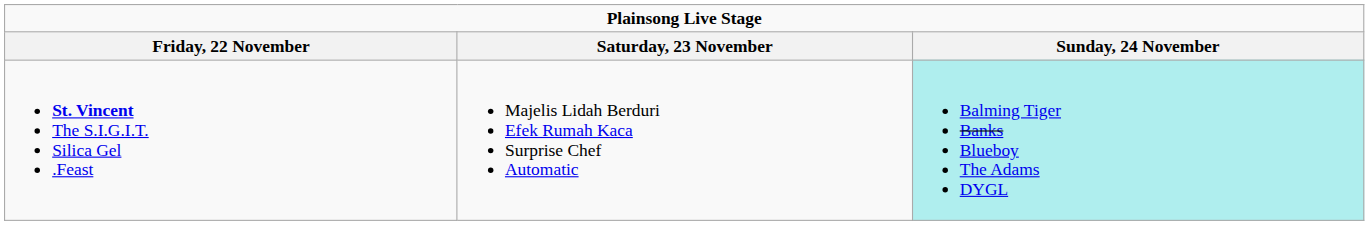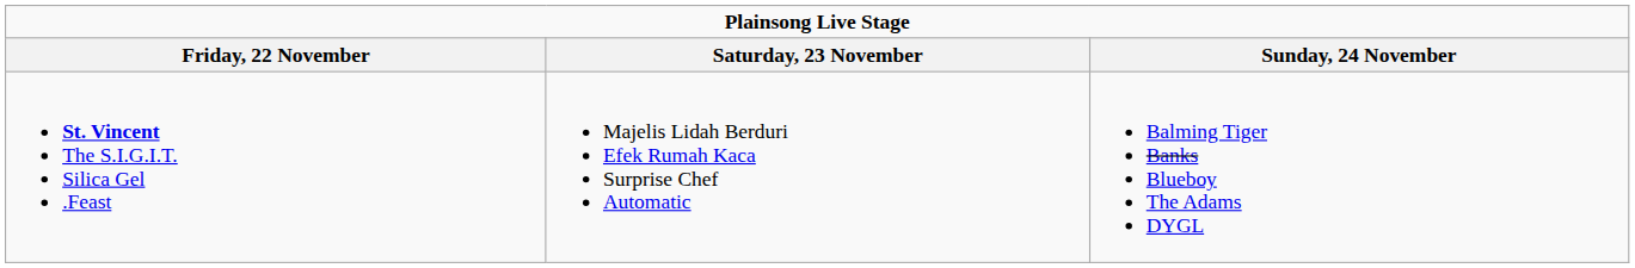 <table class="wikitable">
 <tr>
 <td colspan="4" align="center"><strong>Plainsong Live Stage</strong></td>
 </tr>
 <tr>
 <th width="500">Friday, 22 November</th>
 <th width="500">Saturday, 23 November</th>
 <th width="500">Sunday, 24 November</th>
 </tr>
 <tr valign="top">
 <td><br><ul><li><strong><a href='#'>St. Vincent</a></strong></li><li><a href='#'>The S.I.G.I.T.</a></li><li><a href='#'>Silica Gel</a></li><li><a href='#'>.Feast</a></li></ul></td>
 <td><br><ul><li>Majelis Lidah Berduri </li><li><a href='#'>Efek Rumah Kaca</a> </li><li>Surprise Chef</li><li><a href='#'>Automatic</a></li></ul></td>
-<td style="background: paleturquoise;"><br><ul><li><a href='#'>Balming Tiger</a></li><li><s><a href='#'>Banks</a></s></li><li><a href='#'>Blueboy</a></li><li><a href='#'>The Adams</a></li><li><a href='#'>DYGL</a></li></ul></td>
+<td><br><ul><li><a href='#'>Balming Tiger</a></li><li><s><a href='#'>Banks</a></s></li><li><a href='#'>Blueboy</a></li><li><a href='#'>The Adams</a></li><li><a href='#'>DYGL</a></li></ul></td>
 </tr>
 </table>
